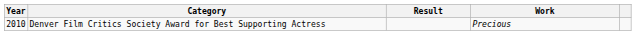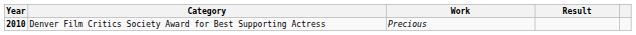 <table class="wikitable">
 <tr>
 <th scope="col" style="width:1em;">Year</th>
 <th scope="col" style="width:44em;">Category</th>
+<th scope="col" style="width:18em;">Work</th>
 <th scope="col" style="width:10em;">Result</th>
-<th scope="col" style="width:18em;">Work</th>
 <th class="unsortable" style="width:1em;"></th>
 </tr>
 <tr>
-<td>2010</td>
+<td><strong>2010</strong></td>
 <td>Denver Film Critics Society Award for Best Supporting Actress</td>
+<td><em>Precious</em></td>
 <td></td>
-<td><em>Precious</em></td>
 <td></td>
 </tr>
 </table>
